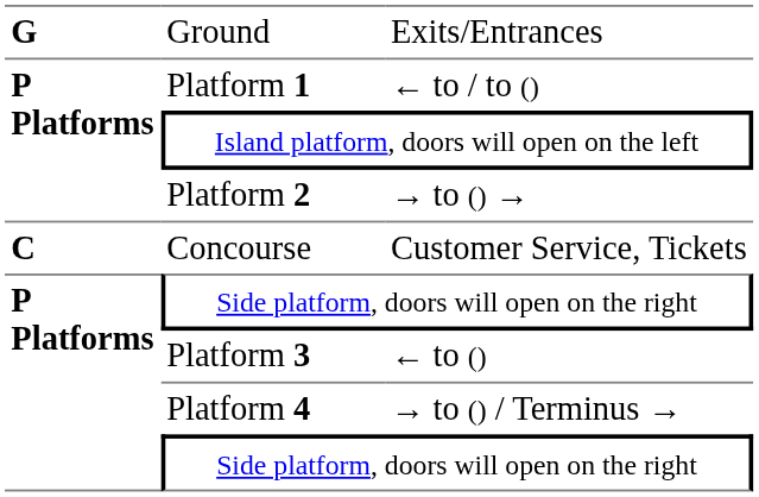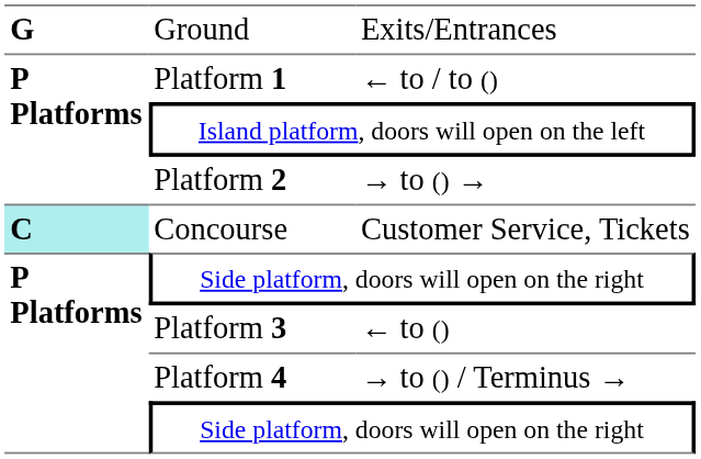 <table table border=0 cellspacing=0 cellpadding=3>
 <tr>
 <td style="border-bottom:solid 1px gray;border-top:solid 1px gray;" width=50 valign=top><strong>G</strong></td>
 <td style="border-top:solid 1px gray;border-bottom:solid 1px gray;" width=100 valign=top>Ground</td>
 <td style="border-top:solid 1px gray;border-bottom:solid 1px gray;" valign=top>Exits/Entrances</td>
 </tr>
 <tr>
 <td rowspan=3 valign=top><strong>P<br>Platforms</strong></td>
 <td>Platform <strong>1</strong></td>
 <td>←  to  /  to  <small>()</small></td>
 </tr>
 <tr>
 <td style="border-bottom:solid 2px black;border-top:solid 2px black;border-right:solid 2px black;border-left:solid 2px black;text-align:center;" colspan=2><small><a href='#'>Island platform</a>, doors will open on the left</small></td>
 </tr>
 <tr>
 <td>Platform <strong>2</strong></td>
 <td><span>→</span>   to  <small>()</small> →</td>
 </tr>
 <tr>
-<td style="border-top:solid 1px gray;" valign=top><strong>C</strong></td>
+<td style="background: paleturquoise; border-top:solid 1px gray;" valign=top><strong>C</strong></td>
 <td style="border-top:solid 1px gray;" valign=top>Concourse</td>
 <td style="border-top:solid 1px gray;" valign=top>Customer Service, Tickets</td>
 </tr>
 <tr>
 <td style="border-top:solid 1px gray;border-bottom:solid 1px gray;" rowspan=4 valign=top><strong>P<br>Platforms</strong></td>
 <td style="border-top:solid 1px gray;border-right:solid 2px black;border-left:solid 2px black;border-bottom:solid 2px black;text-align:center;" colspan=2><small><a href='#'>Side platform</a>, doors will open on the right</small></td>
 </tr>
 <tr>
 <td style="border-bottom:solid 1px gray;">Platform <span><strong>3</strong></span></td>
 <td style="border-bottom:solid 1px gray;">←  to  <small>()</small></td>
 </tr>
 <tr>
 <td>Platform <span><strong>4</strong></span></td>
 <td><span>→</span>  to  <small>()</small> / Terminus →</td>
 </tr>
 <tr>
 <td style="border-bottom:solid 1px gray;border-top:solid 2px black;border-right:solid 2px black;border-left:solid 2px black;text-align:center;" colspan=2><small><a href='#'>Side platform</a>, doors will open on the right</small></td>
 </tr>
 </table>
